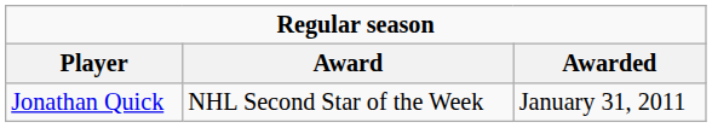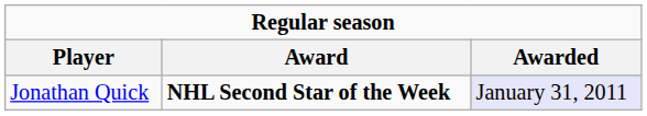 <table class="wikitable" style="width:52%;">
 <tr>
 <td colspan="10" style="text-align:center;"><strong>Regular season</strong></td>
 </tr>
 <tr>
 <th>Player</th>
 <th>Award</th>
 <th>Awarded</th>
 </tr>
 <tr>
 <td><a href='#'>Jonathan Quick</a></td>
-<td>NHL Second Star of the Week</td>
-<td>January 31, 2011</td>
+<td><strong>NHL Second Star of the Week</strong></td>
+<td style="background: lavender;">January 31, 2011</td>
 </tr>
 </table>
